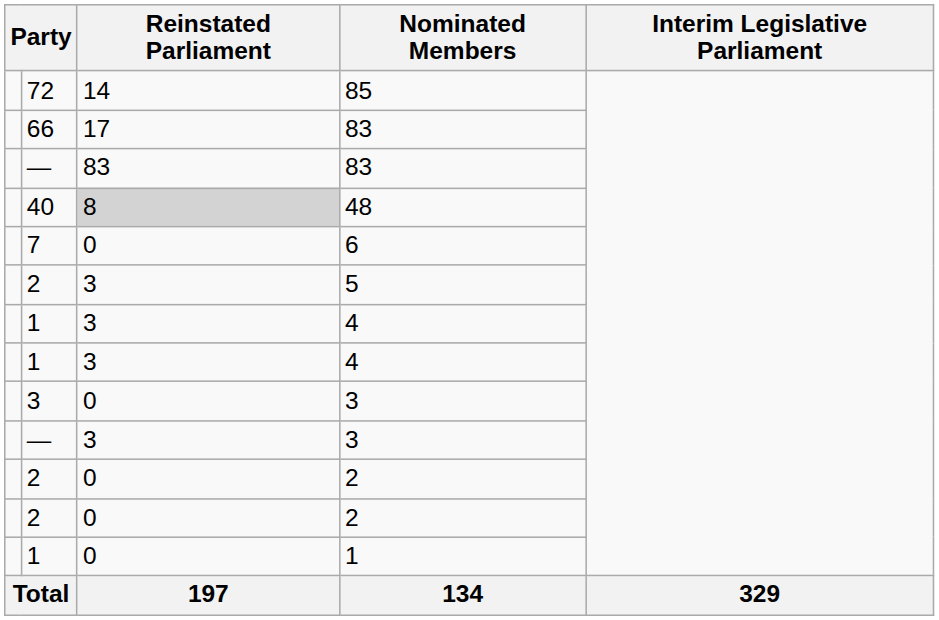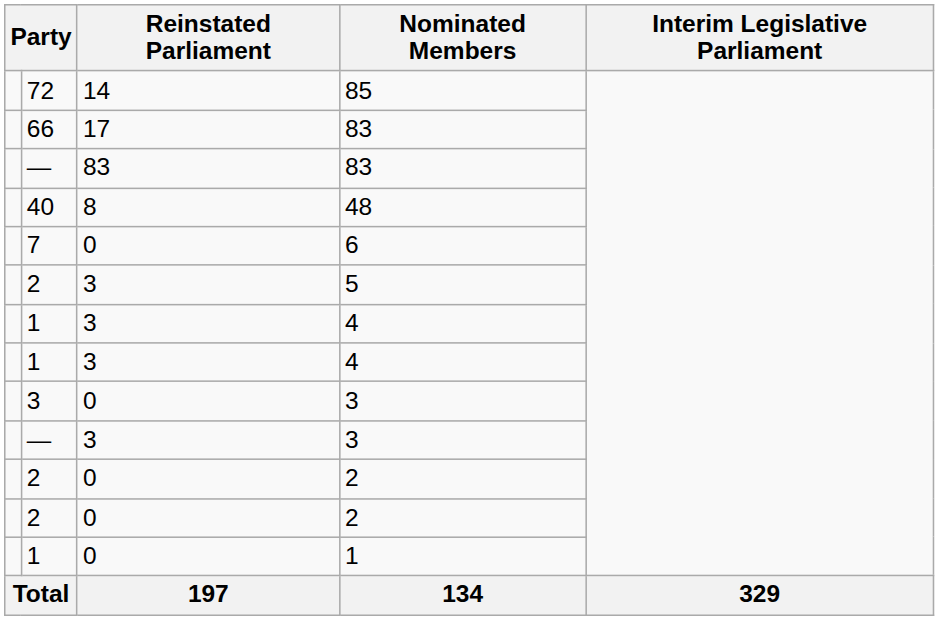 <table class="wikitable">
 <tr>
 <th colspan="2">Party</th>
 <th>Reinstated Parliament</th>
 <th>Nominated Members</th>
 <th>Interim Legislative Parliament</th>
 </tr>
 <tr>
 <td></td>
 <td>72</td>
 <td>14</td>
 <td>85</td>
 </tr>
 <tr>
 <td></td>
 <td>66</td>
 <td>17</td>
 <td>83</td>
 </tr>
 <tr>
 <td></td>
 <td>—</td>
 <td>83</td>
 <td>83</td>
 </tr>
 <tr>
 <td></td>
 <td>40</td>
-<td style="background: lightgrey;">8</td>
+<td>8</td>
 <td>48</td>
 </tr>
 <tr>
 <td></td>
 <td>7</td>
 <td>0</td>
 <td>6</td>
 </tr>
 <tr>
 <td></td>
 <td>2</td>
 <td>3</td>
 <td>5</td>
 </tr>
 <tr>
 <td></td>
 <td>1</td>
 <td>3</td>
 <td>4</td>
 </tr>
 <tr>
 <td></td>
 <td>1</td>
 <td>3</td>
 <td>4</td>
 </tr>
 <tr>
 <td></td>
 <td>3</td>
 <td>0</td>
 <td>3</td>
 </tr>
 <tr>
 <td></td>
 <td>—</td>
 <td>3</td>
 <td>3</td>
 </tr>
 <tr>
 <td></td>
 <td>2</td>
 <td>0</td>
 <td>2</td>
 </tr>
 <tr>
 <td></td>
 <td>2</td>
 <td>0</td>
 <td>2</td>
 </tr>
 <tr>
 <td></td>
 <td>1</td>
 <td>0</td>
 <td>1</td>
 </tr>
 <tr>
 <th colspan="2">Total</th>
 <th>197</th>
 <th>134</th>
 <th>329</th>
 </tr>
 </table>
